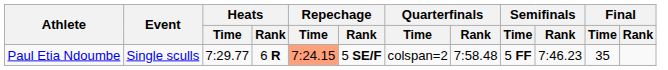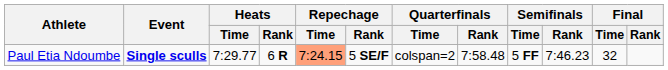 <table class="wikitable" style="font-size:90%">
 <tr>
 <th rowspan="2">Athlete</th>
 <th rowspan="2">Event</th>
 <th colspan="2">Heats</th>
 <th colspan="2">Repechage</th>
 <th colspan=2>Quarterfinals</th>
 <th colspan="2">Semifinals</th>
 <th colspan="2">Final</th>
 </tr>
 <tr style="font-size:95%">
 <th>Time</th>
 <th>Rank</th>
 <th>Time</th>
 <th>Rank</th>
 <th>Time</th>
 <th>Rank</th>
 <th>Time</th>
 <th>Rank</th>
 <th>Time</th>
 <th>Rank</th>
 </tr>
 <tr align=center>
 <td align=left><a href='#'>Paul Etia Ndoumbe</a></td>
-<td align=left><a href='#'>Single sculls</a></td>
+<td align=left><strong><a href='#'>Single sculls</a></strong></td>
 <td>7:29.77</td>
 <td>6 <strong>R</strong></td>
 <td style="background: lightsalmon;">7:24.15</td>
 <td>5 <strong>SE/F</strong></td>
 <td>colspan=2 </td>
 <td>7:58.48</td>
 <td>5 <strong>FF</strong></td>
 <td>7:46.23</td>
-<td>35</td>
+<td>32</td>
 </tr>
 </table>
